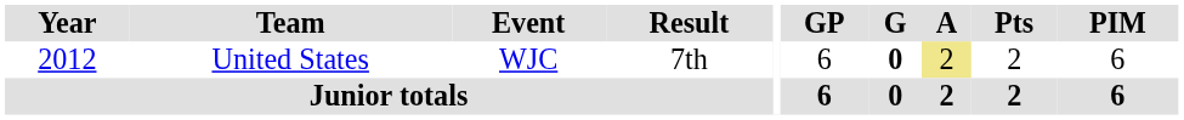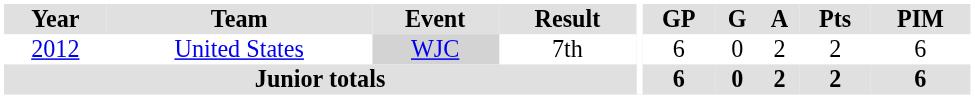 <table border="0" cellpadding="1" cellspacing="0" ID="Table3" style="text-align:center; width:40em">
 <tr ALIGN="center" bgcolor="#e0e0e0">
 <th>Year</th>
 <th>Team</th>
 <th>Event</th>
 <th>Result</th>
 <th rowspan="99" bgcolor="#ffffff"></th>
 <th>GP</th>
 <th>G</th>
 <th>A</th>
 <th>Pts</th>
 <th>PIM</th>
 </tr>
 <tr>
 <td><a href='#'>2012</a></td>
 <td><a href='#'>United States</a></td>
-<td><a href='#'>WJC</a></td>
+<td style="background: lightgrey;"><a href='#'>WJC</a></td>
 <td>7th</td>
 <td>6</td>
-<td><strong>0</strong></td>
-<td style="background: khaki;">2</td>
+<td>0</td>
+<td>2</td>
 <td>2</td>
 <td>6</td>
 </tr>
 <tr bgcolor="#e0e0e0">
 <th colspan="4">Junior totals</th>
 <th>6</th>
 <th>0</th>
 <th>2</th>
 <th>2</th>
 <th>6</th>
 </tr>
 </table>
